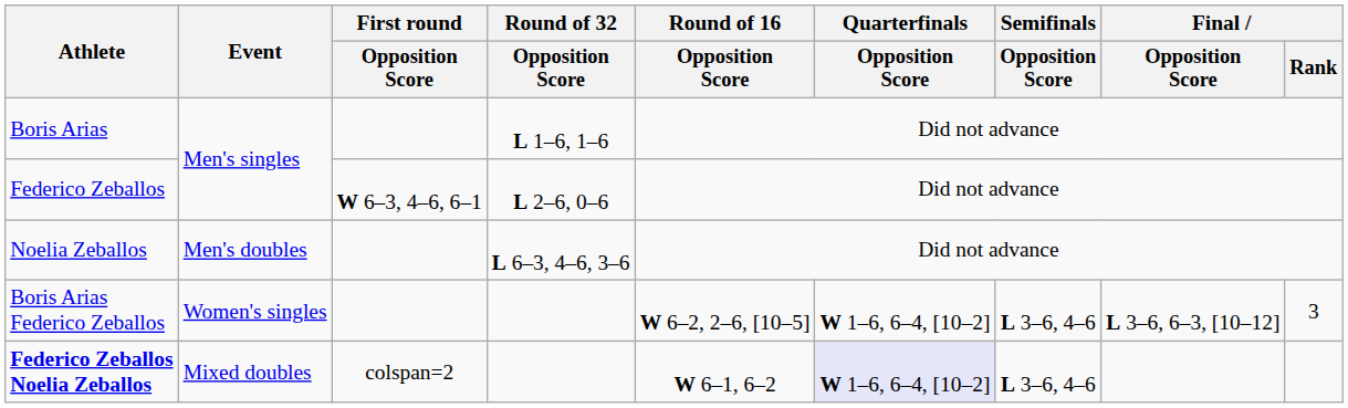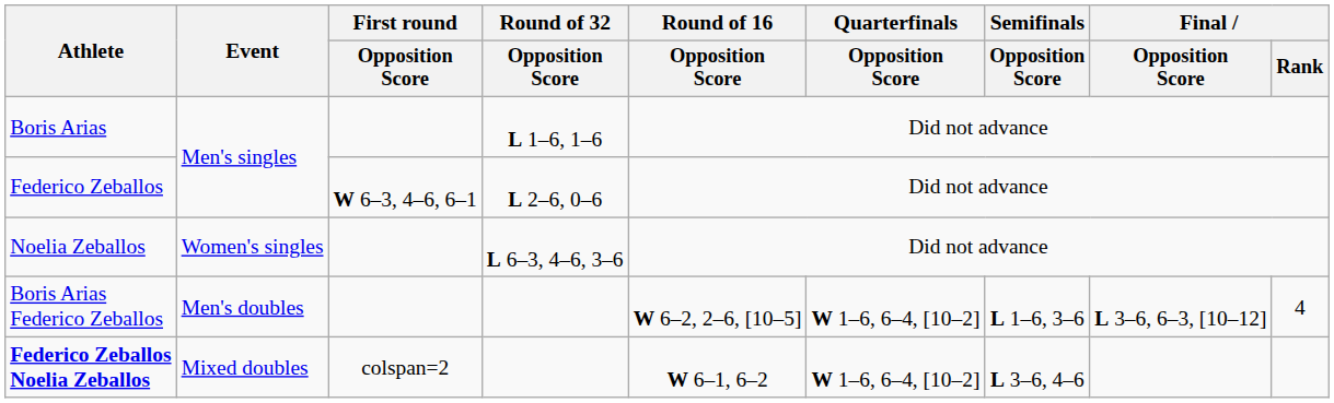 <table class=wikitable style="font-size:90%">
 <tr>
 <th rowspan="2">Athlete</th>
 <th rowspan="2">Event</th>
 <th>First round</th>
 <th>Round of 32</th>
 <th>Round of 16</th>
 <th>Quarterfinals</th>
 <th>Semifinals</th>
 <th colspan=2>Final / </th>
 </tr>
 <tr style="font-size:95%">
 <th>Opposition<br>Score</th>
 <th>Opposition<br>Score</th>
 <th>Opposition<br>Score</th>
 <th>Opposition<br>Score</th>
 <th>Opposition<br>Score</th>
 <th>Opposition<br>Score</th>
 <th>Rank</th>
 </tr>
 <tr align=center>
 <td align=left><a href='#'>Boris Arias</a></td>
 <td align=left rowspan=2><a href='#'>Men's singles</a></td>
 <td></td>
 <td><br><strong>L</strong> 1–6, 1–6</td>
 <td align=center colspan=5>Did not advance</td>
 </tr>
 <tr align=center>
 <td align=left><a href='#'>Federico Zeballos</a></td>
 <td><br><strong>W</strong> 6–3, 4–6, 6–1</td>
 <td><br><strong>L</strong> 2–6, 0–6</td>
 <td align=center colspan=5>Did not advance</td>
 </tr>
 <tr align=center>
 <td align=left><a href='#'>Noelia Zeballos</a></td>
-<td align=left><a href='#'>Men's doubles</a></td>
+<td align=left><a href='#'>Women's singles</a></td>
 <td></td>
 <td><br><strong>L</strong> 6–3, 4–6, 3–6</td>
 <td align=center colspan=5>Did not advance</td>
 </tr>
 <tr align=center>
 <td align=left><a href='#'>Boris Arias</a><br><a href='#'>Federico Zeballos</a></td>
-<td align=left><a href='#'>Women's singles</a></td>
+<td align=left><a href='#'>Men's doubles</a></td>
 <td></td>
 <td></td>
 <td><br><strong>W</strong> 6–2, 2–6, [10–5]</td>
 <td><br><strong>W</strong> 1–6, 6–4, [10–2]</td>
-<td><br><strong>L</strong> 3–6, 4–6</td>
+<td><br><strong>L</strong> 1–6, 3–6</td>
 <td><br><strong>L</strong> 3–6, 6–3, [10–12]</td>
-<td>3</td>
+<td>4</td>
 </tr>
 <tr align=center>
 <td align=left><strong><a href='#'>Federico Zeballos</a><br><a href='#'>Noelia Zeballos</a></strong></td>
 <td align=left><a href='#'>Mixed doubles</a></td>
 <td>colspan=2 </td>
 <td></td>
 <td><br><strong>W</strong> 6–1, 6–2</td>
-<td style="background: lavender;"><br><strong>W</strong> 1–6, 6–4, [10–2]</td>
+<td><br><strong>W</strong> 1–6, 6–4, [10–2]</td>
 <td><br><strong>L</strong> 3–6, 4–6</td>
 <td></td>
 </tr>
 </table>
